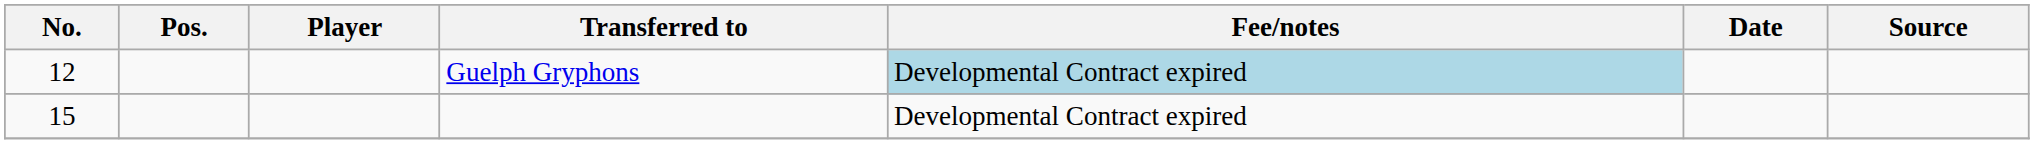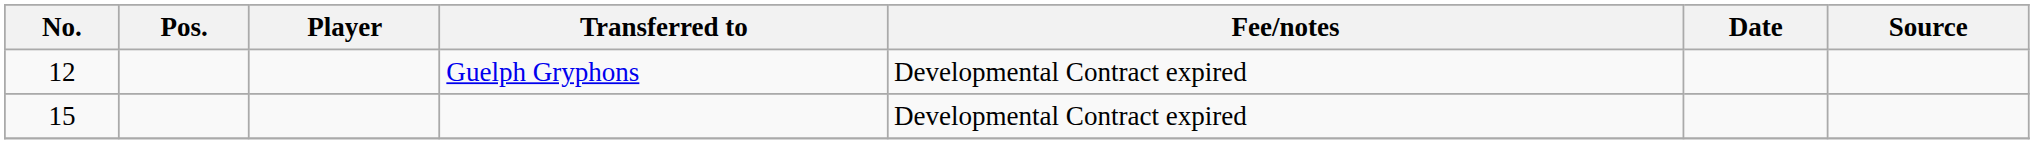 <table class="wikitable sortable" style="width:90%; text-align:center; font-size:95%; text-align:left">
 <tr>
 <th>No.</th>
 <th>Pos.</th>
 <th>Player</th>
 <th>Transferred to</th>
 <th>Fee/notes</th>
 <th>Date</th>
 <th>Source</th>
 </tr>
 <tr>
 <td align=center>12</td>
 <td align=center></td>
 <td></td>
 <td> <a href='#'>Guelph Gryphons</a></td>
-<td style="background: lightblue;">Developmental Contract expired</td>
+<td>Developmental Contract expired</td>
 <td></td>
 <td></td>
 </tr>
 <tr>
 <td align=center>15</td>
 <td align=center></td>
 <td></td>
 <td></td>
 <td>Developmental Contract expired</td>
 <td></td>
 <td></td>
 </tr>
 <tr>
 </tr>
 </table>
